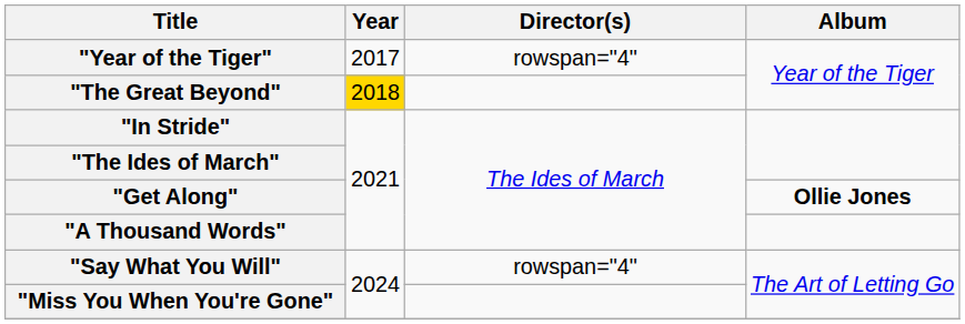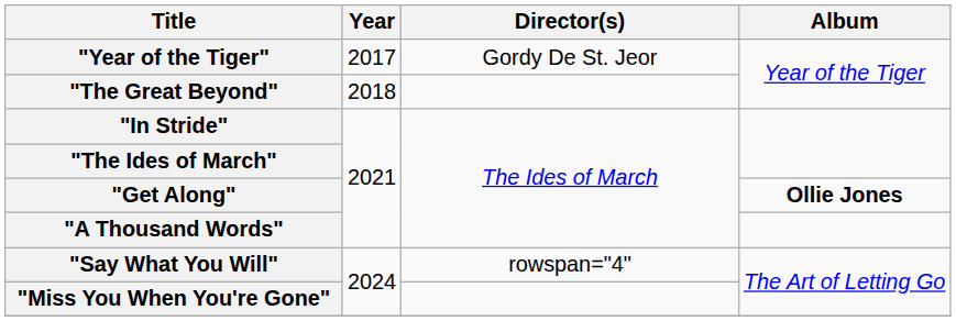 <table class="wikitable plainrowheaders" style="text-align:center;">
 <tr>
 <th scope="col" style="width:15em;">Title</th>
 <th scope="col">Year</th>
 <th scope="col" style="width:15em;">Director(s)</th>
 <th scope="col">Album</th>
 </tr>
 <tr>
 <th scope="row">"Year of the Tiger"</th>
 <td>2017</td>
-<td>rowspan="4" </td>
+<td>Gordy De St. Jeor</td>
 <td rowspan="2"><em><a href='#'>Year of the Tiger</a></em></td>
 </tr>
 <tr>
 <th scope="row">"The Great Beyond"</th>
-<td style="background: gold;">2018</td>
+<td>2018</td>
 </tr>
 <tr>
 <th scope="row">"In Stride"</th>
 <td rowspan="4">2021</td>
 <td rowspan="4"><em><a href='#'>The Ides of March</a></em></td>
 </tr>
 <tr>
 <th scope="row">"The Ides of March"</th>
 </tr>
 <tr>
 <th scope="row">"Get Along"</th>
 <td><strong>Ollie Jones</strong></td>
 </tr>
 <tr>
 <th scope="row">"A Thousand Words"</th>
 <td></td>
 </tr>
 <tr>
 <th scope="row">"Say What You Will"</th>
 <td rowspan="2">2024</td>
 <td>rowspan="4" </td>
 <td rowspan="2"><em><a href='#'>The Art of Letting Go</a></em></td>
 </tr>
 <tr>
 <th scope="row">"Miss You When You're Gone"</th>
 <td></td>
 </tr>
 <tr>
 </tr>
 </table>
